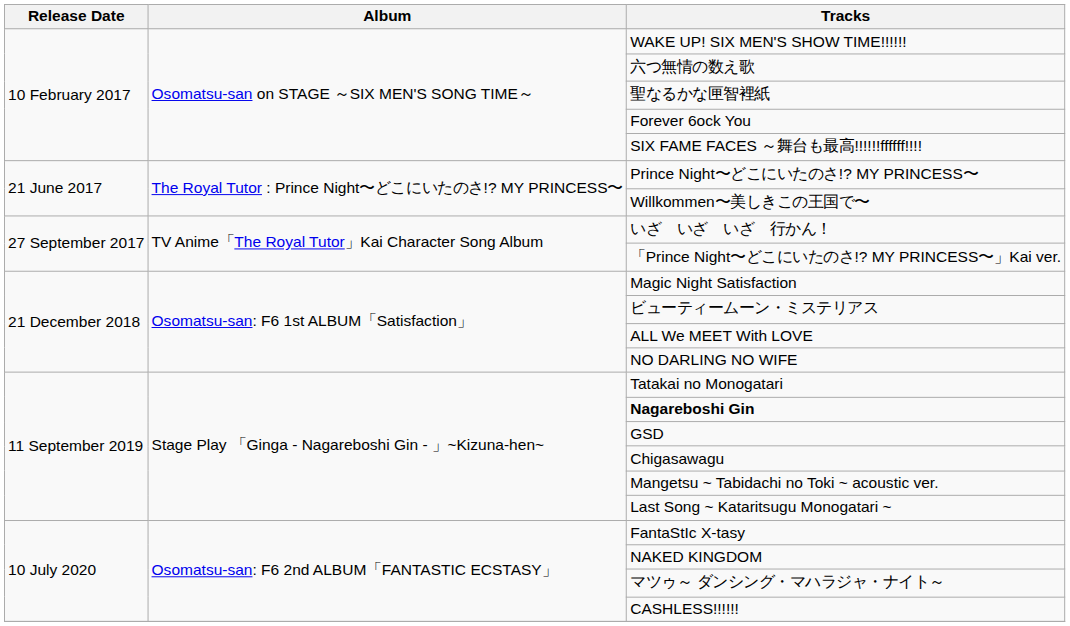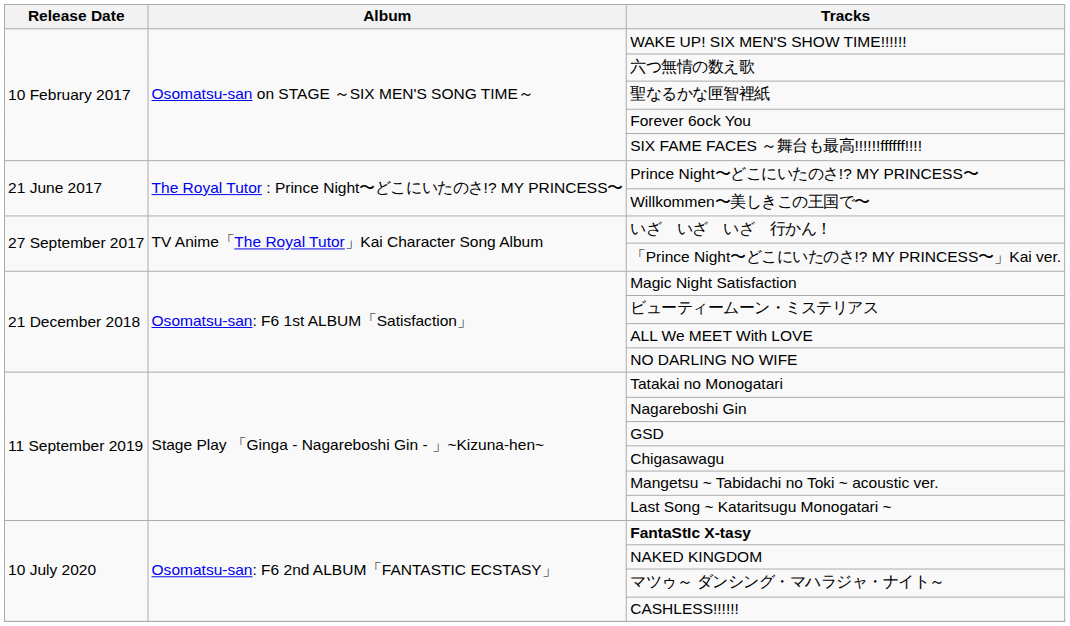 <table class="wikitable">
 <tr>
 <th>Release Date</th>
 <th>Album</th>
 <th>Tracks</th>
 </tr>
 <tr>
 <td rowspan="5">10 February 2017</td>
 <td rowspan="5"><a href='#'>Osomatsu-san</a> on STAGE ～SIX MEN'S SONG TIME～</td>
 <td>WAKE UP! SIX MEN'S SHOW TIME!!!!!!</td>
 </tr>
 <tr>
 <td>六つ無情の数え歌</td>
 </tr>
 <tr>
 <td>聖なるかな匣智裡紙</td>
 </tr>
 <tr>
 <td>Forever 6ock You</td>
 </tr>
 <tr>
 <td>SIX FAME FACES ～舞台も最高!!!!!!ffffff!!!!</td>
 </tr>
 <tr>
 <td rowspan="2">21 June 2017</td>
 <td rowspan="2"><a href='#'>The Royal Tutor</a> : Prince Night〜どこにいたのさ!? MY PRINCESS〜</td>
 <td>Prince Night〜どこにいたのさ!? MY PRINCESS〜</td>
 </tr>
 <tr>
 <td>Willkommen〜美しきこの王国で〜</td>
 </tr>
 <tr>
 <td rowspan="2">27 September 2017</td>
 <td rowspan="2">TV Anime「<a href='#'>The Royal Tutor</a>」Kai Character Song Album</td>
 <td>いざ　いざ　いざ　行かん！</td>
 </tr>
 <tr>
 <td>「Prince Night〜どこにいたのさ!? MY PRINCESS〜」Kai ver.</td>
 </tr>
 <tr>
 <td rowspan="4">21 December 2018</td>
 <td rowspan="4"><a href='#'>Osomatsu-san</a>: F6 1st ALBUM「Satisfaction」</td>
 <td>Magic Night Satisfaction</td>
 </tr>
 <tr>
 <td>ビューティームーン・ミステリアス</td>
 </tr>
 <tr>
 <td>ALL We MEET With LOVE</td>
 </tr>
 <tr>
 <td>NO DARLING NO WIFE</td>
 </tr>
 <tr>
 <td rowspan="6">11 September 2019</td>
 <td rowspan="6">Stage Play 「Ginga - Nagareboshi Gin - 」~Kizuna-hen~</td>
 <td>Tatakai no Monogatari</td>
 </tr>
 <tr>
-<td><strong>Nagareboshi Gin</strong></td>
+<td>Nagareboshi Gin</td>
 </tr>
 <tr>
 <td>GSD</td>
 </tr>
 <tr>
 <td>Chigasawagu</td>
 </tr>
 <tr>
 <td>Mangetsu ~ Tabidachi no Toki ~ acoustic ver.</td>
 </tr>
 <tr>
 <td>Last Song ~ Kataritsugu Monogatari ~</td>
 </tr>
 <tr>
 <td rowspan="4">10 July 2020</td>
 <td rowspan="4"><a href='#'>Osomatsu-san</a>: F6 2nd ALBUM「FANTASTIC ECSTASY」</td>
-<td>FantaStIc X-tasy</td>
+<td><strong>FantaStIc X-tasy</strong></td>
 </tr>
 <tr>
 <td>NAKED KINGDOM</td>
 </tr>
 <tr>
 <td>マツゥ～ ダンシング・マハラジャ・ナイト～</td>
 </tr>
 <tr>
 <td>CASHLESS!!!!!!</td>
 </tr>
 <tr>
 </tr>
 </table>
